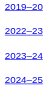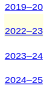 <table id=toc class=toc summary=Contents>
 <tr>
 <th></th>
 </tr>
 <tr>
 <td align=center><br><a href='#'>2019–20</a></td>
 </tr>
 <tr>
-<td align=center><br><a href='#'>2022–23</a></td>
+<td align=center style="background: lightyellow;"><br><a href='#'>2022–23</a></td>
 </tr>
 <tr>
 <td align=center><br><a href='#'>2023–24</a></td>
 </tr>
 <tr>
 <td align=center><br><a href='#'>2024–25</a></td>
 </tr>
 </table>
